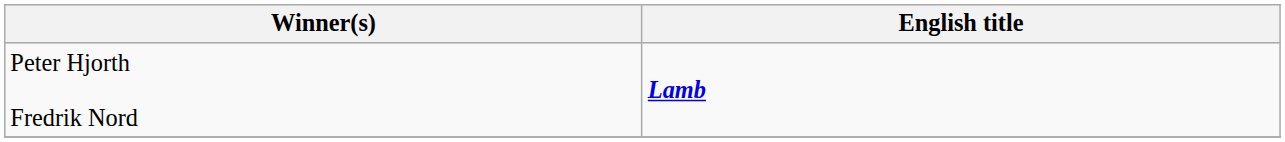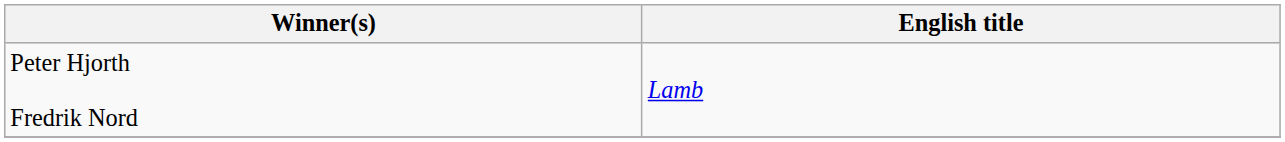 <table class="wikitable" width="95%" cellpadding="5">
 <tr>
 <th width="18%">Winner(s)</th>
 <th width="18%">English title</th>
 </tr>
 <tr>
 <td> Peter Hjorth <br><br> Fredrik Nord</td>
-<td><strong><em><a href='#'>Lamb</a></em></strong></td>
+<td><em><a href='#'>Lamb</a></em></td>
 </tr>
 <tr>
 </tr>
 </table>
